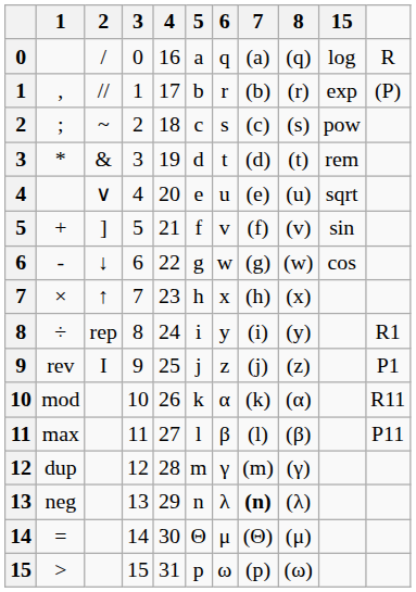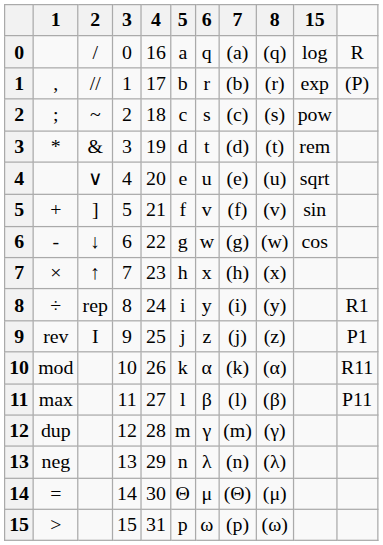 <table class="wikitable" style="text-align: center; width: 200px; height: 200px;">
 <tr>
 <th scope="col"></th>
 <th scope="col">1</th>
 <th scope="col">2</th>
 <th scope="col">3</th>
 <th scope="col">4</th>
 <th scope="col">5</th>
 <th scope="col">6</th>
 <th scope="col">7</th>
 <th scope="col">8</th>
 <th scope="col">15</th>
 </tr>
 <tr>
 <th scope="row">0</th>
 <td></td>
 <td>/</td>
 <td>0</td>
 <td>16</td>
 <td>a</td>
 <td>q</td>
 <td>(a)</td>
 <td>(q)</td>
 <td>log</td>
 <td>R</td>
 </tr>
 <tr>
 <th scope="row">1</th>
 <td>,</td>
 <td>//</td>
 <td>1</td>
 <td>17</td>
 <td>b</td>
 <td>r</td>
 <td>(b)</td>
 <td>(r)</td>
 <td>exp</td>
 <td>(P)</td>
 </tr>
 <tr>
 <th scope="row">2</th>
 <td>;</td>
 <td>~</td>
 <td>2</td>
 <td>18</td>
 <td>c</td>
 <td>s</td>
 <td>(c)</td>
 <td>(s)</td>
 <td>pow</td>
 <td></td>
 </tr>
 <tr>
 <th scope="row">3</th>
 <td>*</td>
 <td>&</td>
 <td>3</td>
 <td>19</td>
 <td>d</td>
 <td>t</td>
 <td>(d)</td>
 <td>(t)</td>
 <td>rem</td>
 <td></td>
 </tr>
 <tr>
 <th scope="row">4</th>
 <td></td>
 <td>∨</td>
 <td>4</td>
 <td>20</td>
 <td>e</td>
 <td>u</td>
 <td>(e)</td>
 <td>(u)</td>
 <td>sqrt</td>
 <td></td>
 </tr>
 <tr>
 <th scope="row">5</th>
 <td>+</td>
 <td>]</td>
 <td>5</td>
 <td>21</td>
 <td>f</td>
 <td>v</td>
 <td>(f)</td>
 <td>(v)</td>
 <td>sin</td>
 <td></td>
 </tr>
 <tr>
 <th scope="row">6</th>
 <td>-</td>
 <td>↓</td>
 <td>6</td>
 <td>22</td>
 <td>g</td>
 <td>w</td>
 <td>(g)</td>
 <td>(w)</td>
 <td>cos</td>
 <td></td>
 </tr>
 <tr>
 <th scope="row">7</th>
 <td>×</td>
 <td>↑</td>
 <td>7</td>
 <td>23</td>
 <td>h</td>
 <td>x</td>
 <td>(h)</td>
 <td>(x)</td>
 <td></td>
 <td></td>
 </tr>
 <tr>
 <th scope="row">8</th>
 <td>÷</td>
 <td>rep</td>
 <td>8</td>
 <td>24</td>
 <td>i</td>
 <td>y</td>
 <td>(i)</td>
 <td>(y)</td>
 <td></td>
 <td>R1</td>
 </tr>
 <tr>
 <th scope="row">9</th>
 <td>rev</td>
 <td>I</td>
 <td>9</td>
 <td>25</td>
 <td>j</td>
 <td>z</td>
 <td>(j)</td>
 <td>(z)</td>
 <td></td>
 <td>P1</td>
 </tr>
 <tr>
 <th scope="row">10</th>
 <td>mod</td>
 <td></td>
 <td>10</td>
 <td>26</td>
 <td>k</td>
 <td>α</td>
 <td>(k)</td>
 <td>(α)</td>
 <td></td>
 <td>R11</td>
 </tr>
 <tr>
 <th scope="row">11</th>
 <td>max</td>
 <td></td>
 <td>11</td>
 <td>27</td>
 <td>l</td>
 <td>β</td>
 <td>(l)</td>
 <td>(β)</td>
 <td></td>
 <td>P11</td>
 </tr>
 <tr>
 <th scope="row">12</th>
 <td>dup</td>
 <td></td>
 <td>12</td>
 <td>28</td>
 <td>m</td>
 <td>γ</td>
 <td>(m)</td>
 <td>(γ)</td>
 <td></td>
 <td></td>
 </tr>
 <tr>
 <th scope="row">13</th>
 <td>neg</td>
 <td></td>
 <td>13</td>
 <td>29</td>
 <td>n</td>
 <td>λ</td>
-<td><strong>(n)</strong></td>
+<td>(n)</td>
 <td>(λ)</td>
 <td></td>
 <td></td>
 </tr>
 <tr>
 <th scope="row">14</th>
 <td>=</td>
 <td></td>
 <td>14</td>
 <td>30</td>
 <td>Θ</td>
 <td>μ</td>
 <td>(Θ)</td>
 <td>(μ)</td>
 <td></td>
 <td></td>
 </tr>
 <tr>
 <th scope="row">15</th>
 <td>></td>
 <td></td>
 <td>15</td>
 <td>31</td>
 <td>p</td>
 <td>ω</td>
 <td>(p)</td>
 <td>(ω)</td>
 <td></td>
 <td></td>
 </tr>
 </table>
